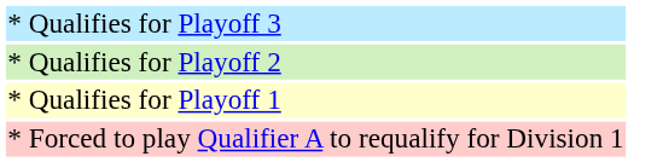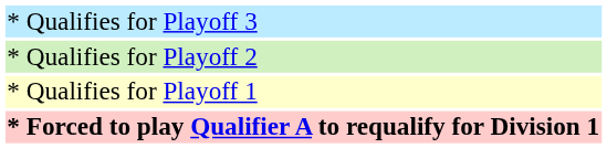 <table>
 <tr style="background: #BBEBFF;">
 <td>* Qualifies for <a href='#'>Playoff 3</a></td>
 </tr>
 <tr style="background: #D0F0C0;">
 <td>* Qualifies for <a href='#'>Playoff 2</a></td>
 </tr>
 <tr style="background: #FFFFCC;">
 <td>* Qualifies for <a href='#'>Playoff 1</a></td>
 </tr>
 <tr style="background: #FFCCCC;">
-<td>* Forced to play <a href='#'>Qualifier A</a> to requalify for Division 1</td>
+<td><strong>* Forced to play <a href='#'>Qualifier A</a> to requalify for Division 1</strong></td>
 </tr>
 </table>
